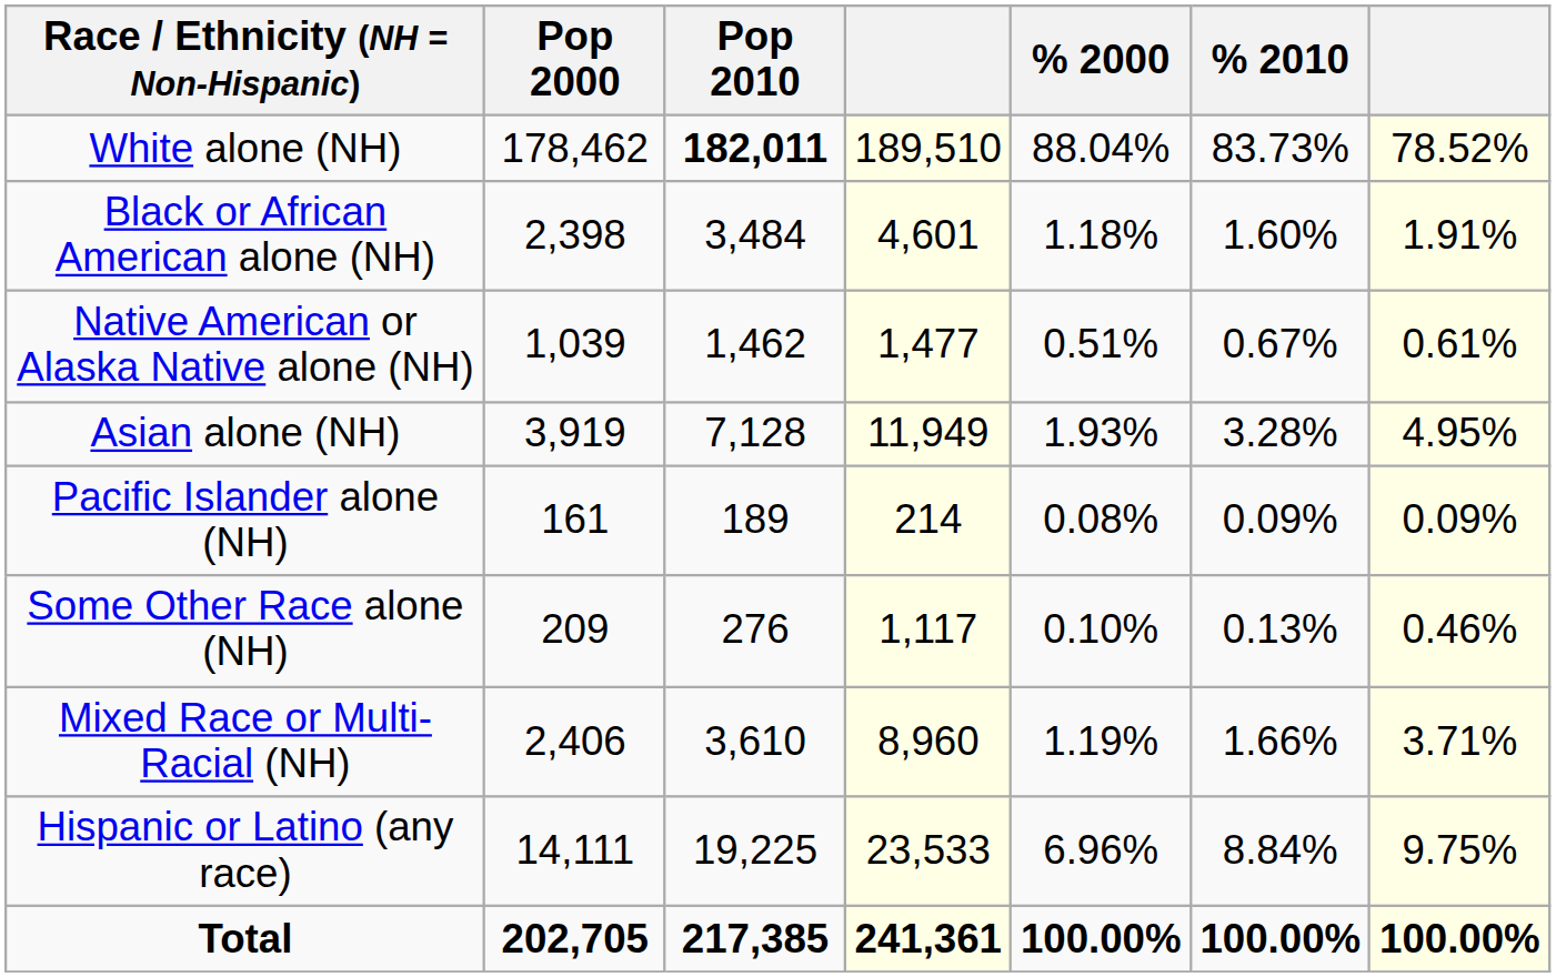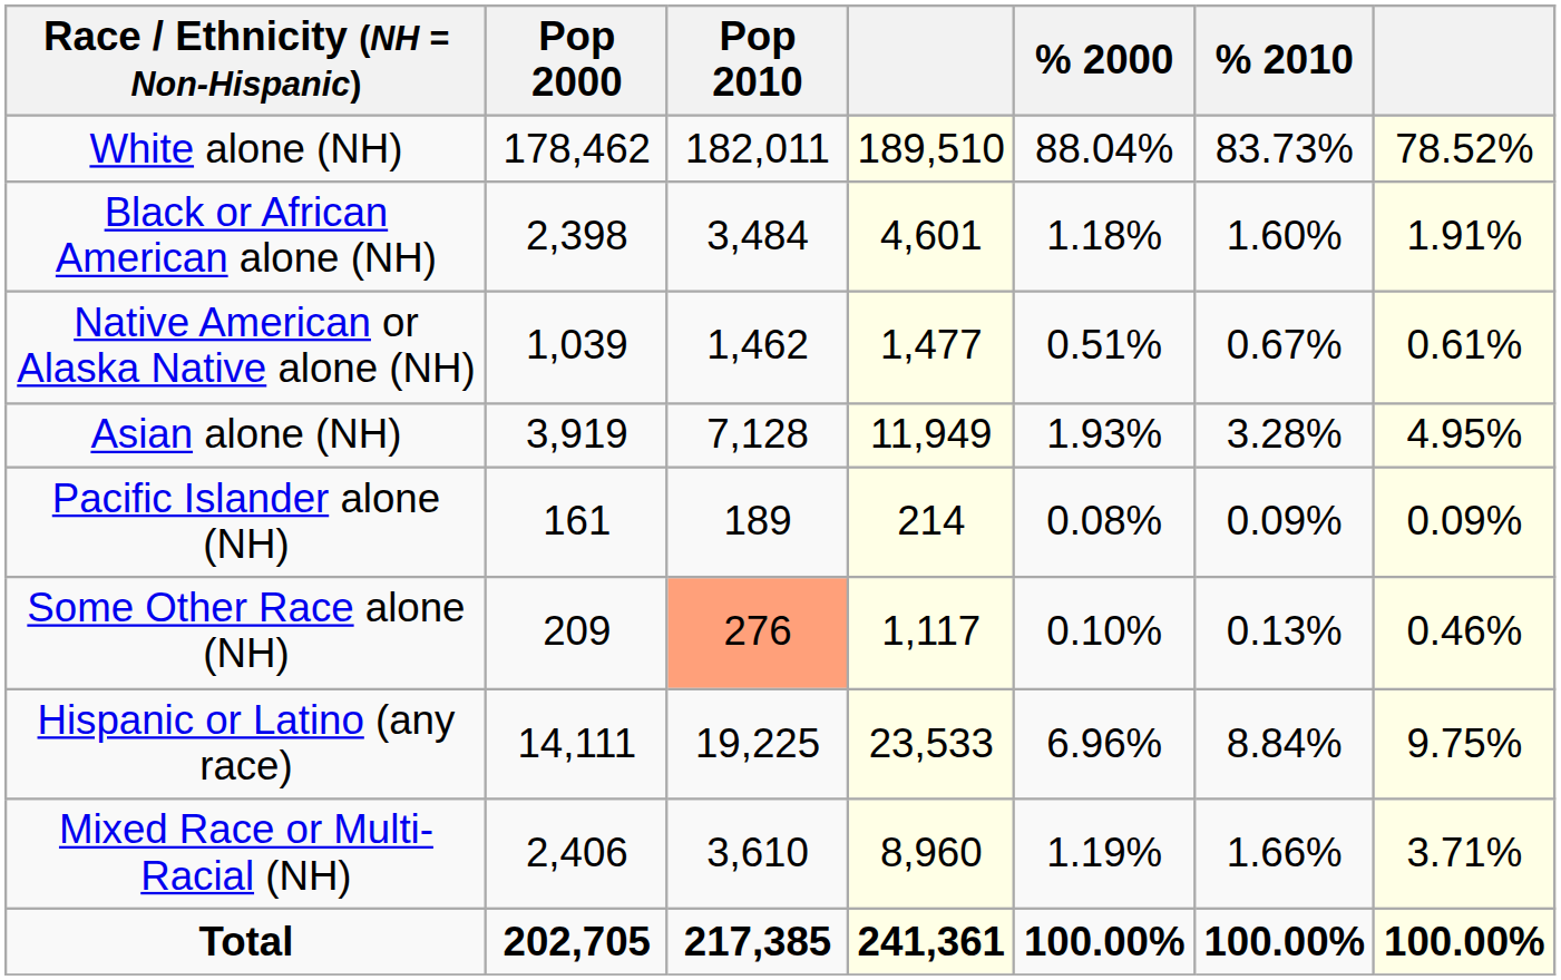 <table class="wikitable" style="text-align:center;">
 <tr>
 <th>Race / Ethnicity <small>(<em>NH = Non-Hispanic</em>)</small></th>
 <th>Pop 2000</th>
 <th>Pop 2010</th>
 <th></th>
 <th>% 2000</th>
 <th>% 2010</th>
 <th></th>
 </tr>
 <tr>
 <td><a href='#'>White</a> alone (NH)</td>
 <td>178,462</td>
-<td><strong>182,011</strong></td>
+<td>182,011</td>
 <td style='background: #ffffe6;'>189,510</td>
 <td>88.04%</td>
 <td>83.73%</td>
 <td style='background: #ffffe6;'>78.52%</td>
 </tr>
 <tr>
 <td><a href='#'>Black or African American</a> alone (NH)</td>
 <td>2,398</td>
 <td>3,484</td>
 <td style='background: #ffffe6;'>4,601</td>
 <td>1.18%</td>
 <td>1.60%</td>
 <td style='background: #ffffe6;'>1.91%</td>
 </tr>
 <tr>
 <td><a href='#'>Native American</a> or <a href='#'>Alaska Native</a> alone (NH)</td>
 <td>1,039</td>
 <td>1,462</td>
 <td style='background: #ffffe6;'>1,477</td>
 <td>0.51%</td>
 <td>0.67%</td>
 <td style='background: #ffffe6;'>0.61%</td>
 </tr>
 <tr>
 <td><a href='#'>Asian</a> alone (NH)</td>
 <td>3,919</td>
 <td>7,128</td>
 <td style='background: #ffffe6;'>11,949</td>
 <td>1.93%</td>
 <td>3.28%</td>
 <td style='background: #ffffe6;'>4.95%</td>
 </tr>
 <tr>
 <td><a href='#'>Pacific Islander</a> alone (NH)</td>
 <td>161</td>
 <td>189</td>
 <td style='background: #ffffe6;'>214</td>
 <td>0.08%</td>
 <td>0.09%</td>
 <td style='background: #ffffe6;'>0.09%</td>
 </tr>
 <tr>
 <td><a href='#'>Some Other Race</a> alone (NH)</td>
 <td>209</td>
-<td>276</td>
+<td style="background: lightsalmon;">276</td>
 <td style='background: #ffffe6;'>1,117</td>
 <td>0.10%</td>
 <td>0.13%</td>
 <td style='background: #ffffe6;'>0.46%</td>
+</tr>
+<tr>
+<td><a href='#'>Hispanic or Latino</a> (any race)</td>
+<td>14,111</td>
+<td>19,225</td>
+<td style='background: #ffffe6;'>23,533</td>
+<td>6.96%</td>
+<td>8.84%</td>
+<td style='background: #ffffe6;'>9.75%</td>
 </tr>
 <tr>
 <td><a href='#'>Mixed Race or Multi-Racial</a> (NH)</td>
 <td>2,406</td>
 <td>3,610</td>
 <td style='background: #ffffe6;'>8,960</td>
 <td>1.19%</td>
 <td>1.66%</td>
 <td style='background: #ffffe6;'>3.71%</td>
 </tr>
 <tr>
-<td><a href='#'>Hispanic or Latino</a> (any race)</td>
-<td>14,111</td>
-<td>19,225</td>
-<td style='background: #ffffe6;'>23,533</td>
-<td>6.96%</td>
-<td>8.84%</td>
-<td style='background: #ffffe6;'>9.75%</td>
-</tr>
-<tr>
 <td><strong>Total</strong></td>
 <td><strong>202,705</strong></td>
 <td><strong>217,385</strong></td>
 <td style='background: #ffffe6;'><strong>241,361</strong></td>
 <td><strong>100.00%</strong></td>
 <td><strong>100.00%</strong></td>
 <td style='background: #ffffe6;'><strong>100.00%</strong></td>
 </tr>
 </table>
